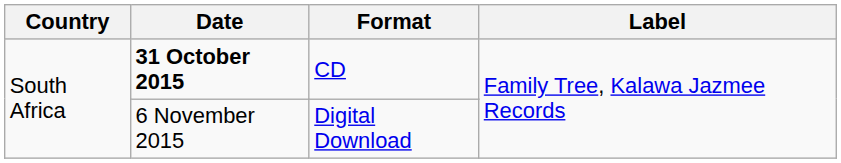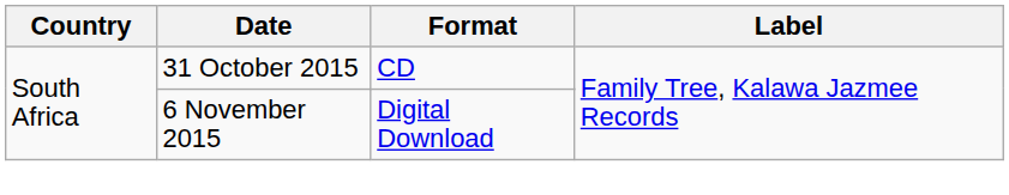 <table class="wikitable">
 <tr>
 <th>Country</th>
 <th>Date</th>
 <th>Format</th>
 <th>Label</th>
 </tr>
 <tr>
 <td rowspan="4">South Africa</td>
-<td><strong>31 October 2015</strong></td>
+<td>31 October 2015</td>
 <td><a href='#'>CD</a></td>
 <td rowspan="4"><a href='#'>Family Tree</a>, <a href='#'>Kalawa Jazmee Records</a></td>
 </tr>
 <tr>
 <td rowspan="3">6 November 2015</td>
 <td rowspan="3"><a href='#'>Digital Download</a></td>
 </tr>
 <tr>
 </tr>
 </table>
